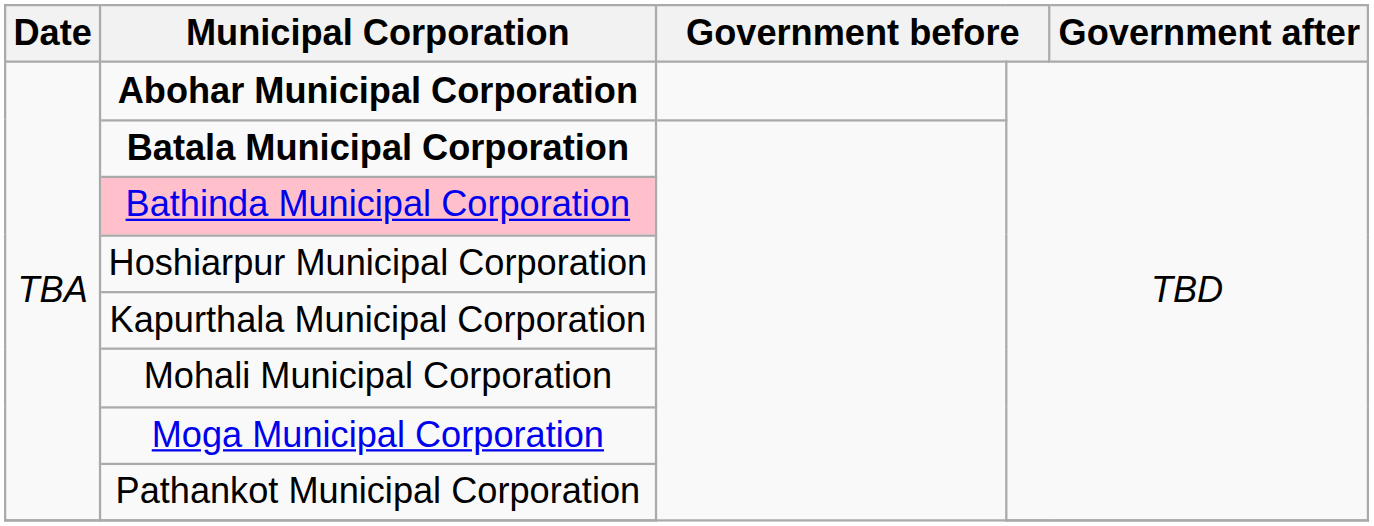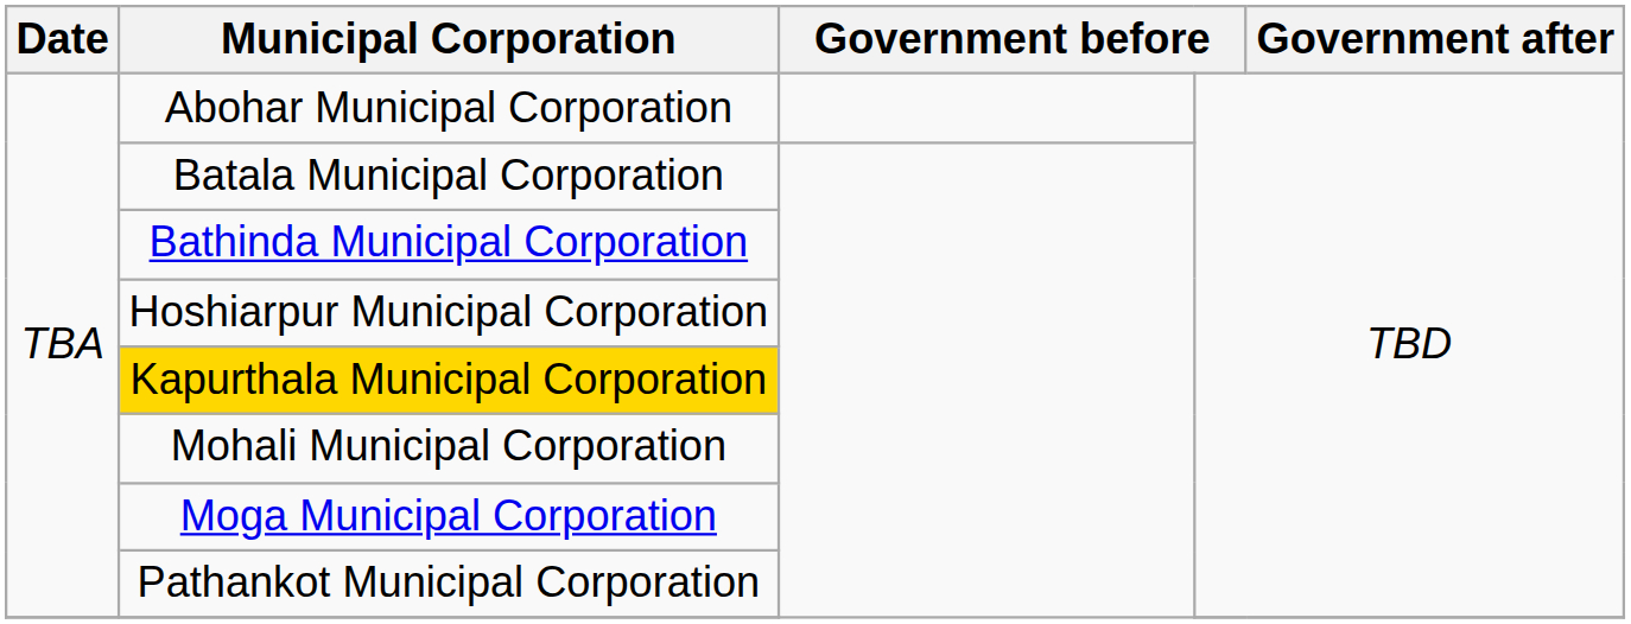 <table class="wikitable sortable" style="text-align:center;">
 <tr>
 <th>Date</th>
 <th>Municipal Corporation</th>
 <th colspan=2>Government before</th>
 <th colspan=2>Government after</th>
 </tr>
 <tr>
 <td rowspan=8><em>TBA</em></td>
-<td><strong>Abohar Municipal Corporation</strong></td>
+<td>Abohar Municipal Corporation</td>
 <td></td>
 <td colspan=2 rowspan=8><em>TBD</em></td>
 </tr>
 <tr>
-<td><strong>Batala Municipal Corporation</strong></td>
+<td>Batala Municipal Corporation</td>
 </tr>
 <tr>
-<td style="background: pink;"><a href='#'>Bathinda Municipal Corporation</a></td>
+<td><a href='#'>Bathinda Municipal Corporation</a></td>
 </tr>
 <tr>
 <td>Hoshiarpur Municipal Corporation</td>
 </tr>
 <tr>
-<td>Kapurthala Municipal Corporation</td>
+<td style="background: gold;">Kapurthala Municipal Corporation</td>
 </tr>
 <tr>
 <td>Mohali Municipal Corporation</td>
 </tr>
 <tr>
 <td><a href='#'>Moga Municipal Corporation</a></td>
 </tr>
 <tr>
 <td>Pathankot Municipal Corporation</td>
 </tr>
 <tr>
 </tr>
 </table>
